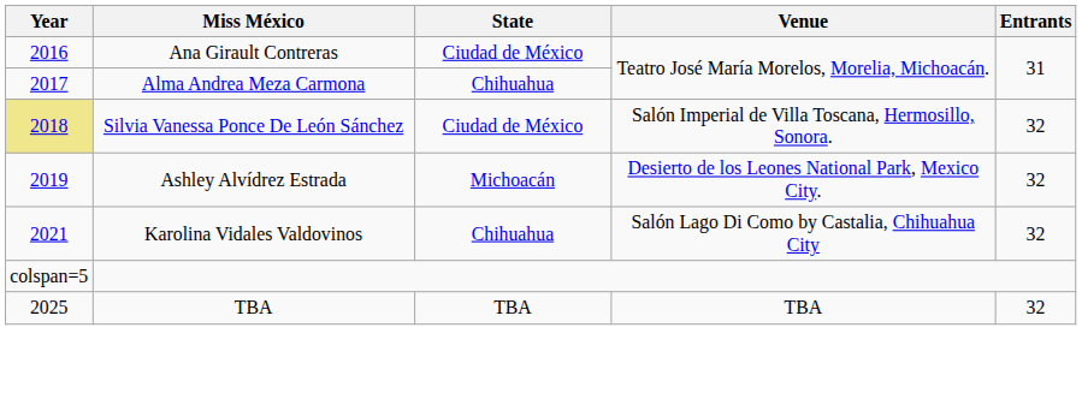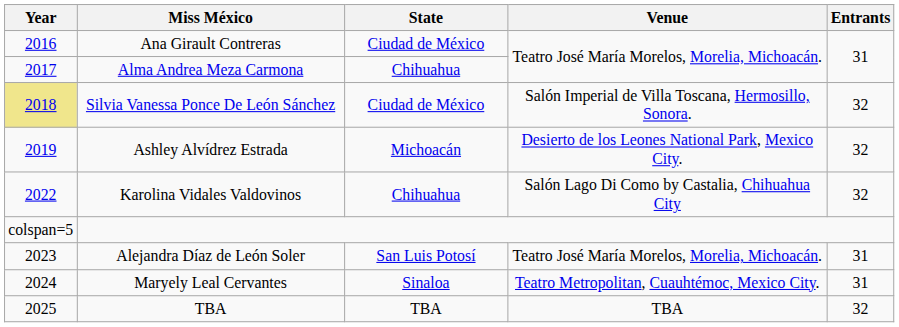 <table class="wikitable" style="text-align:center;font-size:95%">
 <tr>
 <th width="50">Year</th>
 <th width="250">Miss México</th>
 <th width="150">State</th>
 <th width="300">Venue</th>
 <th width="50">Entrants</th>
 </tr>
 <tr>
 <td align="center"><a href='#'>2016</a></td>
 <td>Ana Girault Contreras</td>
 <td><a href='#'>Ciudad de México</a></td>
 <td rowspan="2">Teatro José María Morelos, <a href='#'>Morelia, Michoacán</a>.</td>
 <td rowspan="2">31</td>
 </tr>
 <tr>
 <td align="center"><a href='#'>2017</a></td>
 <td><a href='#'>Alma Andrea Meza Carmona</a></td>
 <td><a href='#'>Chihuahua</a></td>
 </tr>
 <tr>
 <td align="center" style="background: khaki;"><a href='#'>2018</a></td>
 <td><a href='#'>Silvia Vanessa Ponce De León Sánchez</a></td>
 <td><a href='#'>Ciudad de México</a></td>
 <td>Salón Imperial de Villa Toscana, <a href='#'>Hermosillo, Sonora</a>.</td>
 <td>32</td>
 </tr>
 <tr>
 <td align="center"><a href='#'>2019</a></td>
 <td>Ashley Alvídrez Estrada</td>
 <td><a href='#'>Michoacán</a></td>
 <td><a href='#'>Desierto de los Leones National Park</a>, <a href='#'>Mexico City</a>.</td>
 <td>32</td>
 </tr>
 <tr>
-<td align="center"><a href='#'>2021</a></td>
+<td align="center"><a href='#'>2022</a></td>
 <td>Karolina Vidales Valdovinos</td>
 <td><a href='#'>Chihuahua</a></td>
 <td>Salón Lago Di Como by Castalia, <a href='#'>Chihuahua City</a></td>
 <td>32</td>
 </tr>
 <tr>
 <td>colspan=5 </td>
 </tr>
 <tr>
+<td align="center">2023</td>
+<td>Alejandra Díaz de León Soler</td>
+<td><a href='#'>San Luis Potosí</a></td>
+<td>Teatro José María Morelos, <a href='#'>Morelia, Michoacán</a>.</td>
+<td>31</td>
+</tr>
+<tr>
+<td align="center">2024</td>
+<td>Maryely Leal Cervantes</td>
+<td><a href='#'>Sinaloa</a></td>
+<td><a href='#'>Teatro Metropolitan</a>, <a href='#'>Cuauhtémoc, Mexico City</a>.</td>
+<td>31</td>
+</tr>
+<tr>
 <td align="center">2025</td>
 <td>TBA</td>
 <td>TBA</td>
 <td>TBA</td>
 <td>32</td>
 </tr>
 </table>
